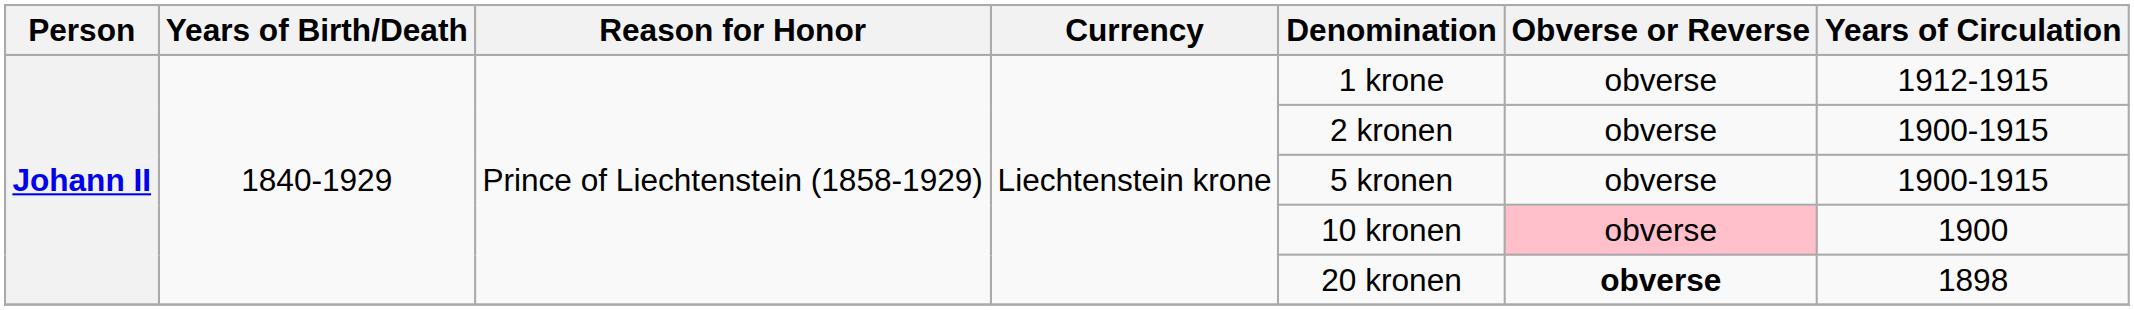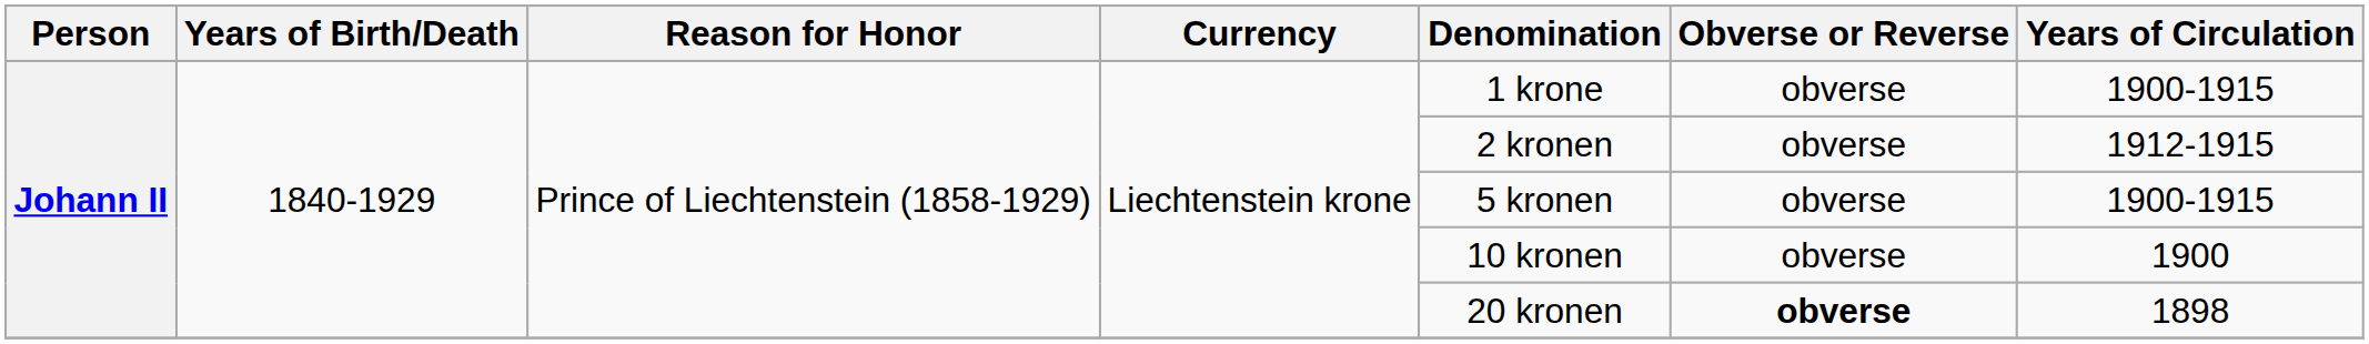 <table class="wikitable" style="font-size:95%; text-align:center;">
 <tr>
 <th>Person</th>
 <th>Years of Birth/Death</th>
 <th>Reason for Honor</th>
 <th>Currency</th>
 <th>Denomination</th>
 <th>Obverse or Reverse</th>
 <th>Years of Circulation</th>
 </tr>
 <tr>
 <th rowspan="5"><a href='#'>Johann II</a></th>
 <td rowspan="5">1840-1929</td>
 <td rowspan="5">Prince of Liechtenstein (1858-1929)</td>
 <td rowspan="5">Liechtenstein krone</td>
 <td>1 krone</td>
 <td>obverse</td>
-<td>1912-1915</td>
+<td>1900-1915</td>
 </tr>
 <tr>
 <td>2 kronen</td>
 <td>obverse</td>
-<td>1900-1915</td>
+<td>1912-1915</td>
 </tr>
 <tr>
 <td>5 kronen</td>
 <td>obverse</td>
 <td>1900-1915</td>
 </tr>
 <tr>
 <td>10 kronen</td>
-<td style="background: pink;">obverse</td>
+<td>obverse</td>
 <td>1900</td>
 </tr>
 <tr>
 <td>20 kronen</td>
 <td><strong>obverse</strong></td>
 <td>1898</td>
 </tr>
 <tr>
 </tr>
 </table>
